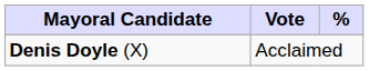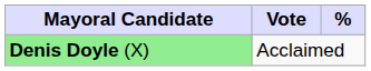 <table class="wikitable">
 <tr>
 <th style="background:#ddf; width:200px;">Mayoral Candidate</th>
 <th style="background:#ddf; width:50px;">Vote</th>
 <th style="background:#ddf; width:30px;">%</th>
 </tr>
 <tr>
-<td><strong>Denis Doyle</strong> (X)</td>
+<td style="background: lightgreen;"><strong>Denis Doyle</strong> (X)</td>
 <td colspan="2">Acclaimed</td>
 </tr>
 </table>
